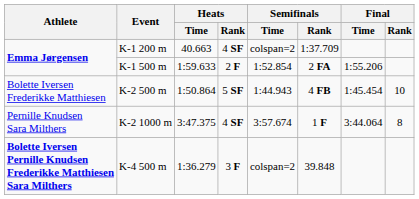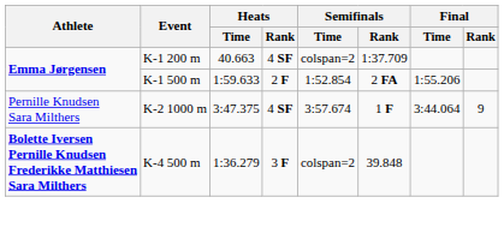 <table class=wikitable style="font-size:90%">
 <tr>
 <th rowspan="2">Athlete</th>
 <th rowspan="2">Event</th>
 <th colspan=2>Heats</th>
 <th colspan=2>Semifinals</th>
 <th colspan=2>Final</th>
 </tr>
 <tr style="font-size:95%">
 <th>Time</th>
 <th>Rank</th>
 <th>Time</th>
 <th>Rank</th>
 <th>Time</th>
 <th>Rank</th>
 </tr>
 <tr align=center>
 <td align=left rowspan=2><strong><a href='#'>Emma Jørgensen</a></strong></td>
 <td align=left>K-1 200 m</td>
 <td>40.663</td>
 <td>4 <strong>SF</strong></td>
 <td>colspan=2</td>
 <td>1:37.709</td>
 <td></td>
 </tr>
 <tr align=center>
 <td align=left>K-1 500 m</td>
 <td>1:59.633</td>
 <td>2 <strong>F</strong></td>
 <td>1:52.854</td>
 <td>2 <strong>FA</strong></td>
 <td>1:55.206</td>
 <td></td>
 </tr>
 <tr align=center>
-<td align=left><a href='#'>Bolette Iversen</a><br><a href='#'>Frederikke Matthiesen</a></td>
-<td align=left>K-2 500 m</td>
-<td>1:50.864</td>
-<td>5 <strong>SF</strong></td>
-<td>1:44.943</td>
-<td>4 <strong>FB</strong></td>
-<td>1:45.454</td>
-<td>10</td>
-</tr>
-<tr align=center>
 <td align=left><a href='#'>Pernille Knudsen</a><br><a href='#'>Sara Milthers</a></td>
 <td align=left>K-2 1000 m</td>
 <td>3:47.375</td>
 <td>4 <strong>SF</strong></td>
 <td>3:57.674</td>
 <td>1 <strong>F</strong></td>
 <td>3:44.064</td>
-<td>8</td>
+<td>9</td>
 </tr>
 <tr align=center>
 <td align=left><strong><a href='#'>Bolette Iversen</a><br><a href='#'>Pernille Knudsen</a><br><a href='#'>Frederikke Matthiesen</a><br><a href='#'>Sara Milthers</a></strong></td>
 <td align=left>K-4 500 m</td>
 <td>1:36.279</td>
 <td>3 <strong>F</strong></td>
 <td>colspan=2</td>
 <td>39.848</td>
 <td></td>
 </tr>
 </table>
